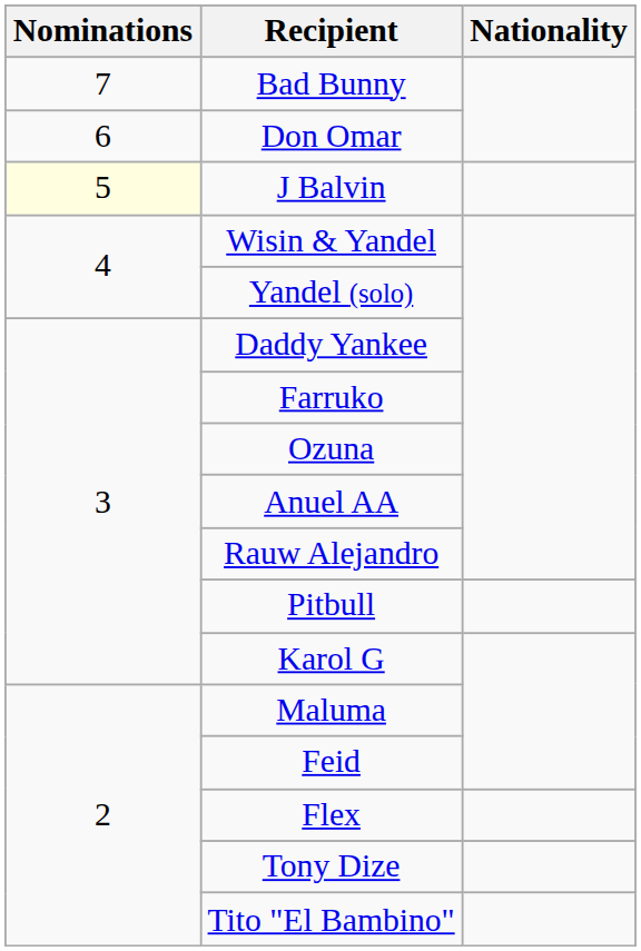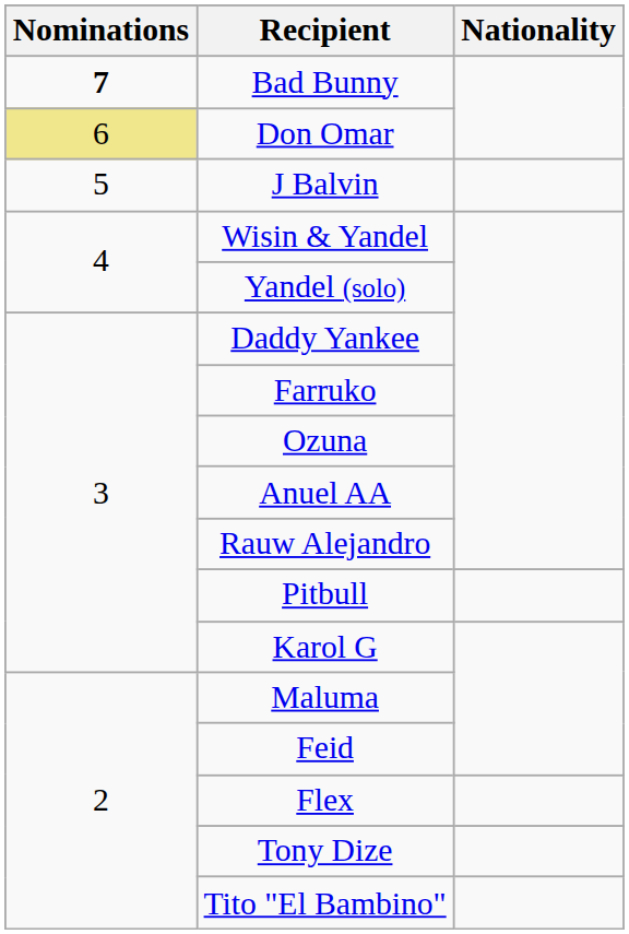 <table class="wikitable" rowspan="2" style="text-align:center;">
 <tr>
 <th scope="col">Nominations</th>
 <th scope="col">Recipient</th>
 <th scope="col">Nationality</th>
 </tr>
 <tr>
-<td>7</td>
+<td><strong>7</strong></td>
 <td><a href='#'>Bad Bunny</a></td>
 <td rowspan="2"></td>
 </tr>
 <tr>
-<td>6</td>
+<td style="background: khaki;">6</td>
 <td><a href='#'>Don Omar</a></td>
 </tr>
 <tr>
-<td style="background: lightyellow;">5</td>
+<td>5</td>
 <td><a href='#'>J Balvin</a></td>
 <td></td>
 </tr>
 <tr>
 <td rowspan="2">4</td>
 <td><a href='#'>Wisin & Yandel</a></td>
 <td rowspan="7"></td>
 </tr>
 <tr>
 <td><a href='#'>Yandel <small>(solo)</small></a></td>
 </tr>
 <tr>
 <td rowspan="7">3</td>
 <td><a href='#'>Daddy Yankee</a></td>
 </tr>
 <tr>
 <td><a href='#'>Farruko</a></td>
 </tr>
 <tr>
 <td><a href='#'>Ozuna</a></td>
 </tr>
 <tr>
 <td><a href='#'>Anuel AA</a></td>
 </tr>
 <tr>
 <td><a href='#'>Rauw Alejandro</a></td>
 </tr>
 <tr>
 <td><a href='#'>Pitbull</a></td>
 <td></td>
 </tr>
 <tr>
 <td><a href='#'>Karol G</a></td>
 <td rowspan="3"></td>
 </tr>
 <tr>
 <td rowspan="6">2</td>
 <td><a href='#'>Maluma</a></td>
 </tr>
 <tr>
 <td><a href='#'>Feid</a></td>
 </tr>
 <tr>
 <td><a href='#'>Flex</a></td>
 <td></td>
 </tr>
 <tr>
 <td><a href='#'>Tony Dize</a></td>
 <td></td>
 </tr>
 <tr>
 <td><a href='#'>Tito "El Bambino"</a></td>
 <td></td>
 </tr>
 </table>
